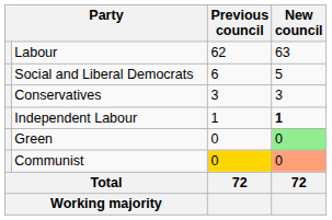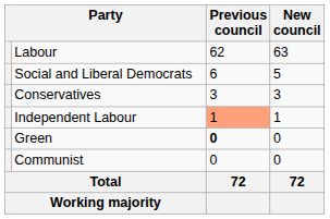 <table class="wikitable">
 <tr>
 <th valign=top colspan="2" style="width: 230px">Party</th>
 <th valign=top style="width: 30px">Previous council</th>
 <th valign=top style="width: 30px">New council</th>
 </tr>
 <tr>
 <th style="background-color: "></th>
 <td>Labour</td>
 <td>62</td>
 <td>63</td>
 </tr>
 <tr>
 <th style="background-color: "></th>
 <td>Social and Liberal Democrats</td>
 <td>6</td>
 <td>5</td>
 </tr>
 <tr>
 <th style="background-color: "></th>
 <td>Conservatives</td>
 <td>3</td>
 <td>3</td>
 </tr>
 <tr>
 <th style="background-color: "></th>
 <td>Independent Labour</td>
+<td style="background: lightsalmon;">1</td>
 <td>1</td>
-<td><strong>1</strong></td>
 </tr>
 <tr>
 <th style="background-color: "></th>
 <td>Green</td>
+<td><strong>0</strong></td>
 <td>0</td>
-<td style="background: lightgreen;">0</td>
 </tr>
 <tr>
 <th style="background-color: "></th>
 <td>Communist</td>
-<td style="background: gold;">0</td>
-<td style="background: lightsalmon;">0</td>
+<td>0</td>
+<td>0</td>
 </tr>
 <tr>
 <th colspan=2>Total</th>
 <th style="text-align: center">72</th>
 <th colspan=3>72</th>
 </tr>
 <tr>
 <th colspan=2>Working majority</th>
 <th></th>
 <th></th>
 </tr>
 </table>
